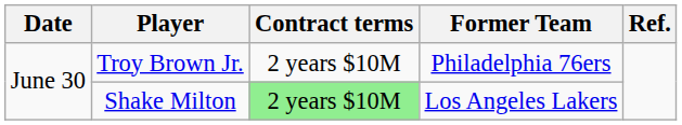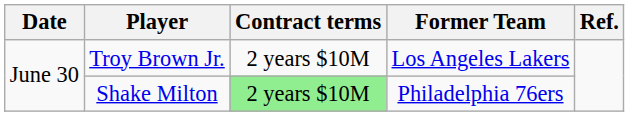 <table class="wikitable sortable sortable" style="text-align: center">
 <tr>
 <th>Date</th>
 <th>Player</th>
 <th>Contract terms</th>
 <th>Former Team</th>
 <th>Ref.</th>
 </tr>
 <tr>
 <td rowspan=2>June 30</td>
 <td><a href='#'>Troy Brown Jr.</a></td>
 <td>2 years $10M</td>
-<td><a href='#'>Philadelphia 76ers</a></td>
+<td><a href='#'>Los Angeles Lakers</a></td>
 <td rowspan=2></td>
 </tr>
 <tr>
 <td><a href='#'>Shake Milton</a></td>
 <td style="background: lightgreen;">2 years $10M</td>
-<td><a href='#'>Los Angeles Lakers</a></td>
+<td><a href='#'>Philadelphia 76ers</a></td>
 </tr>
 </table>
